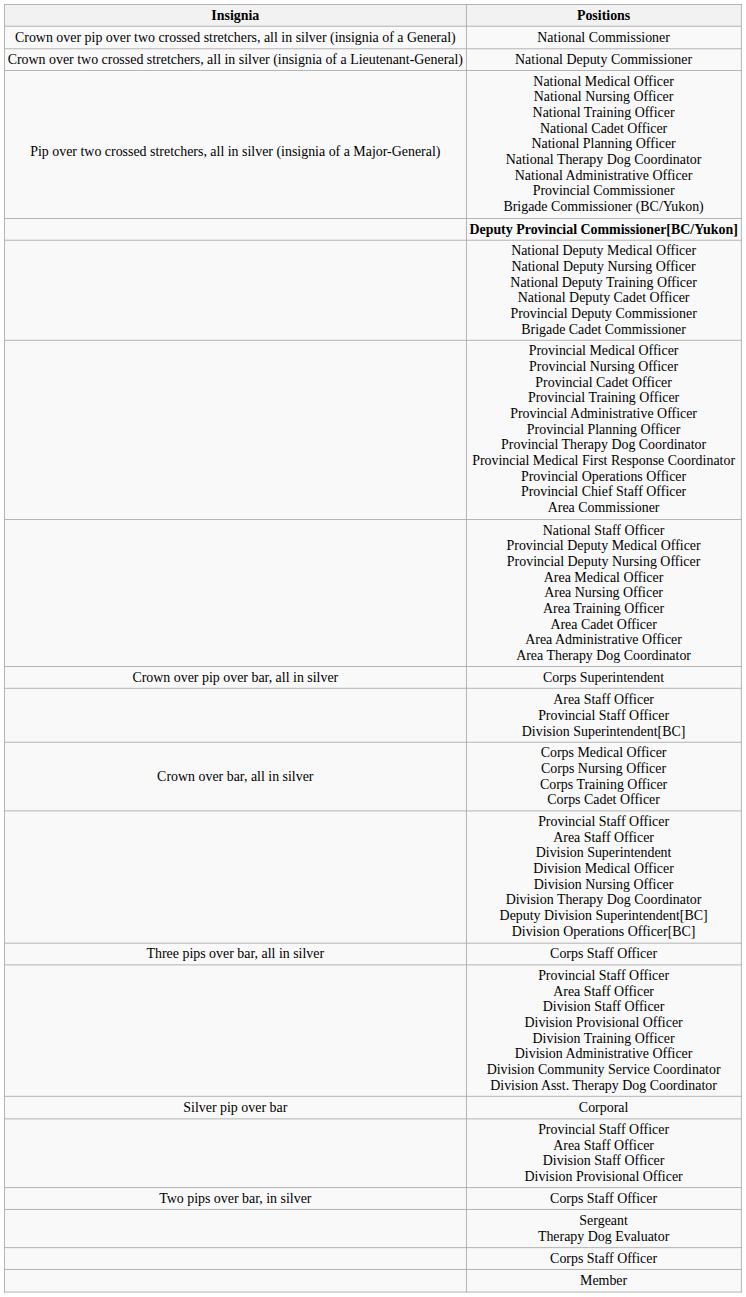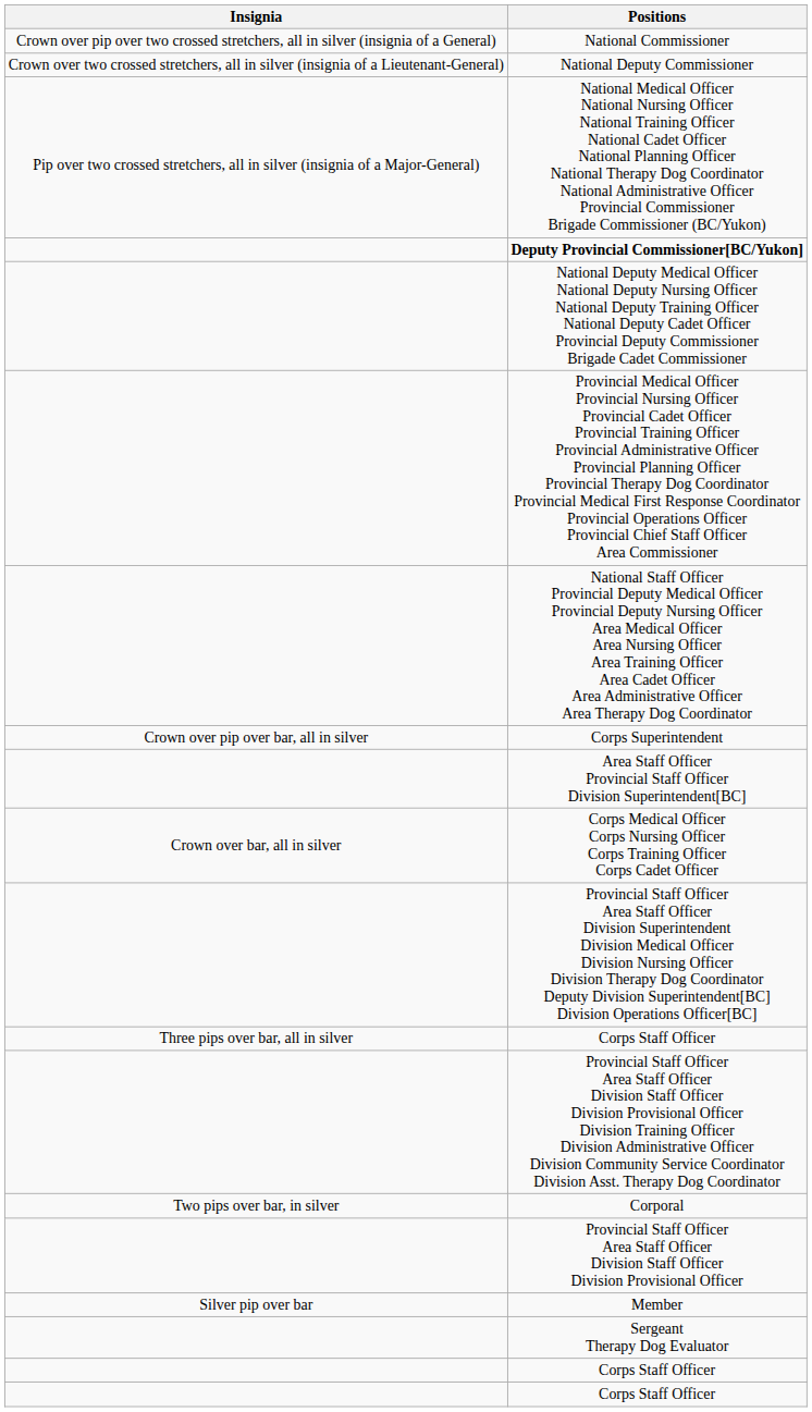 <table class="wikitable">
 <tr>
 <th>Insignia</th>
 <th>Positions</th>
 </tr>
 <tr>
 <td align="center">Crown over pip over two crossed stretchers, all in silver (insignia of a General)</td>
 <td align="center">National Commissioner</td>
 </tr>
 <tr>
 <td align="center">Crown over two crossed stretchers, all in silver (insignia of a Lieutenant-General)</td>
 <td align="center">National Deputy Commissioner</td>
 </tr>
 <tr>
 <td align="center"><br>Pip over two crossed stretchers, all in silver (insignia of a Major-General)</td>
 <td align="center">National Medical Officer<br>National Nursing Officer<br>National Training Officer<br>National Cadet Officer<br>National Planning Officer<br>National Therapy Dog Coordinator<br>National Administrative Officer<br>Provincial Commissioner<br>Brigade Commissioner (BC/Yukon)</td>
 </tr>
 <tr>
 <td align="center"></td>
 <td align="center"><strong>Deputy Provincial Commissioner[BC/Yukon]</strong></td>
 </tr>
 <tr>
 <td align="center"></td>
 <td align="center">National Deputy Medical Officer<br>National Deputy Nursing Officer<br>National Deputy Training Officer<br>National Deputy Cadet Officer<br>Provincial Deputy Commissioner<br>Brigade Cadet Commissioner</td>
 </tr>
 <tr>
 <td align="center"></td>
 <td align="center">Provincial Medical Officer<br>Provincial Nursing Officer<br>Provincial Cadet Officer<br>Provincial Training Officer<br>Provincial Administrative Officer<br>Provincial Planning Officer<br>Provincial Therapy Dog Coordinator<br>Provincial Medical First Response Coordinator<br>Provincial Operations Officer<br>Provincial Chief Staff Officer<br>Area Commissioner</td>
 </tr>
 <tr>
 <td align="center"></td>
 <td align="center">National Staff Officer<br>Provincial Deputy Medical Officer<br>Provincial Deputy Nursing Officer<br>Area Medical Officer<br>Area Nursing Officer<br>Area Training Officer<br>Area Cadet Officer<br>Area Administrative Officer<br>Area Therapy Dog Coordinator</td>
 </tr>
 <tr>
 <td align="center">Crown over pip over bar, all in silver</td>
 <td align="center">Corps Superintendent</td>
 </tr>
 <tr>
 <td align="center"></td>
 <td align="center">Area Staff Officer<br>Provincial Staff Officer<br>Division Superintendent[BC]</td>
 </tr>
 <tr>
 <td align="center">Crown over bar, all in silver</td>
 <td align="center">Corps Medical Officer<br>Corps Nursing Officer<br>Corps Training Officer<br>Corps Cadet Officer</td>
 </tr>
 <tr>
 <td align="center"></td>
 <td align="center">Provincial Staff Officer<br>Area Staff Officer<br>Division Superintendent<br>Division Medical Officer<br>Division Nursing Officer<br>Division Therapy Dog Coordinator<br>Deputy Division Superintendent[BC]<br>Division Operations Officer[BC]</td>
 </tr>
 <tr>
 <td align="center">Three pips over bar, all in silver</td>
 <td align="center">Corps Staff Officer</td>
 </tr>
 <tr>
 <td align="center"></td>
 <td align="center">Provincial Staff Officer<br>Area Staff Officer<br>Division Staff Officer<br>Division Provisional Officer<br>Division Training Officer<br>Division Administrative Officer<br>Division Community Service Coordinator<br>Division Asst. Therapy Dog Coordinator</td>
 </tr>
 <tr>
-<td align="center">Silver pip over bar</td>
+<td align="center">Two pips over bar, in silver</td>
 <td align="center">Corporal</td>
 </tr>
 <tr>
 <td align="center"></td>
 <td align="center">Provincial Staff Officer<br>Area Staff Officer<br>Division Staff Officer<br>Division Provisional Officer</td>
 </tr>
 <tr>
-<td align="center">Two pips over bar, in silver</td>
-<td align="center">Corps Staff Officer</td>
+<td align="center">Silver pip over bar</td>
+<td align="center">Member</td>
 </tr>
 <tr>
 <td align="center"></td>
 <td align="center">Sergeant<br>Therapy Dog Evaluator</td>
 </tr>
 <tr>
 <td align="center"></td>
 <td align="center">Corps Staff Officer</td>
 </tr>
 <tr>
 <td align="center"></td>
-<td align="center">Member</td>
+<td align="center">Corps Staff Officer</td>
 </tr>
 </table>
